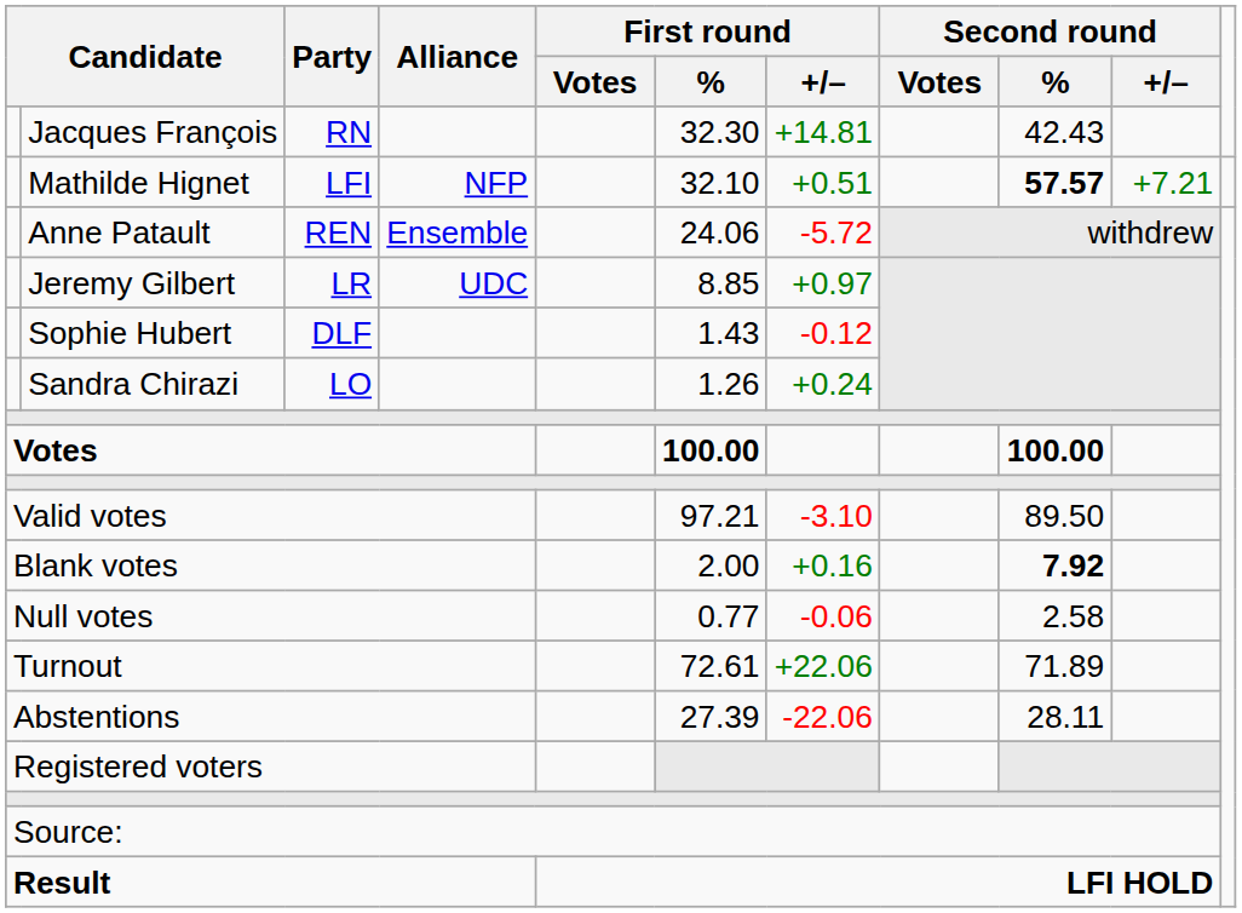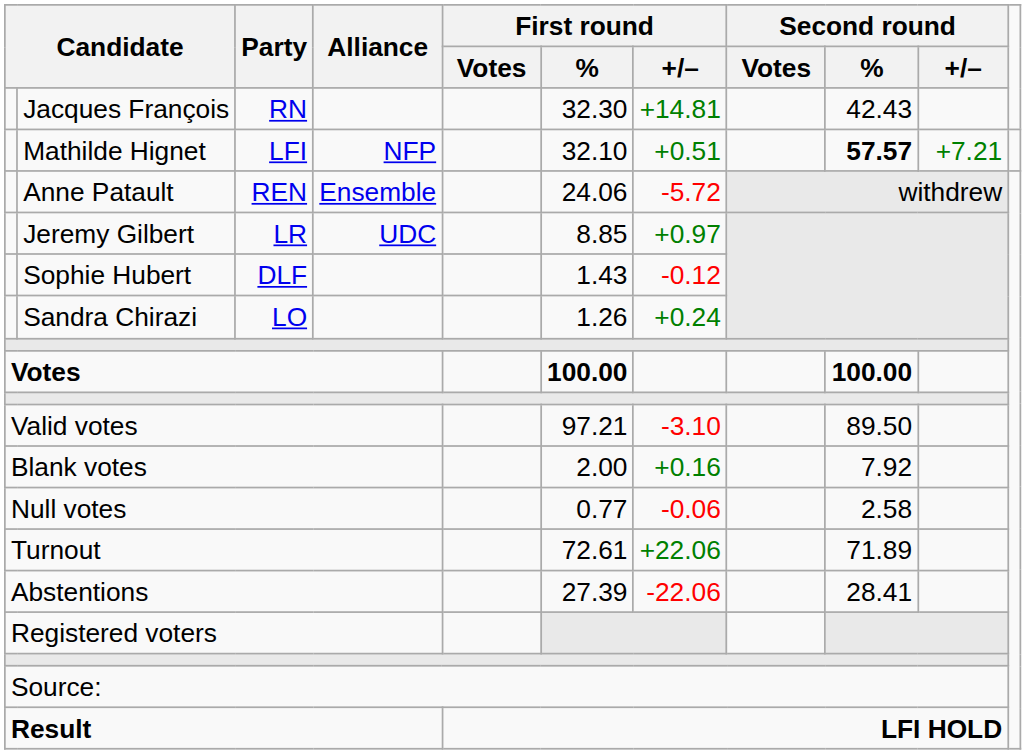 <table class="wikitable" style="text-align:right;font-size:95%;">
 <tr>
 <th rowspan="2" colspan="2">Candidate</th>
 <th colspan="1" rowspan="2">Party</th>
 <th colspan="1" rowspan="2">Alliance</th>
 <th colspan="3">First round</th>
 <th colspan="3">Second round</th>
 </tr>
 <tr>
 <th style="width:50px;">Votes</th>
 <th style="width:45px;">%</th>
 <th style="width:45px;">+/–</th>
 <th style="width:50px;">Votes</th>
 <th style="width:45px;">%</th>
 <th style="width:45px;">+/–</th>
 </tr>
 <tr>
 <td style="color:inherit;background:"></td>
 <td style="text-align:left;">Jacques François</td>
 <td><a href='#'>RN</a></td>
 <td></td>
 <td></td>
 <td>32.30</td>
 <td style="color:green;">+14.81</td>
 <td></td>
 <td>42.43</td>
 <td style="color:grey;"></td>
 </tr>
 <tr>
 <td style="color:inherit;background:"></td>
 <td style="text-align:left;">Mathilde Hignet</td>
 <td><a href='#'>LFI</a></td>
 <td><a href='#'>NFP</a></td>
 <td></td>
 <td>32.10</td>
 <td style="color:green;">+0.51</td>
 <td><strong></strong></td>
 <td><strong>57.57</strong></td>
 <td style="color:green;">+7.21</td>
 <td style="color:grey;"></td>
 </tr>
 <tr>
 <td style="color:inherit;background:"></td>
 <td style="text-align:left;">Anne Patault</td>
 <td><a href='#'>REN</a></td>
 <td><a href='#'>Ensemble</a></td>
 <td></td>
 <td>24.06</td>
 <td style="color:red;">-5.72</td>
 <td colspan="3" style="background:#E9E9E9;">withdrew</td>
 </tr>
 <tr>
 <td style="color:inherit;background:"></td>
 <td style="text-align:left;">Jeremy Gilbert</td>
 <td><a href='#'>LR</a></td>
 <td><a href='#'>UDC</a></td>
 <td></td>
 <td>8.85</td>
 <td style="color:green;">+0.97</td>
 <td colspan="3" rowspan="3" style="background:#E9E9E9;"></td>
 </tr>
 <tr>
 <td style="color:inherit;background:"></td>
 <td style="text-align:left;">Sophie Hubert</td>
 <td><a href='#'>DLF</a></td>
 <td></td>
 <td></td>
 <td>1.43</td>
 <td style="color:red;">-0.12</td>
 </tr>
 <tr>
 <td style="color:inherit;background:"></td>
 <td style="text-align:left;">Sandra Chirazi</td>
 <td><a href='#'>LO</a></td>
 <td></td>
 <td></td>
 <td>1.26</td>
 <td style="color:green;">+0.24</td>
 </tr>
 <tr>
 <td colspan="10" style="background:#E9E9E9;"></td>
 </tr>
 <tr style="font-weight:bold;">
 <td colspan="4" style="text-align:left;">Votes</td>
 <td></td>
 <td>100.00</td>
 <td></td>
 <td></td>
 <td>100.00</td>
 <td></td>
 </tr>
 <tr>
 <td colspan="10" style="background:#E9E9E9;"></td>
 </tr>
 <tr>
 <td colspan="4" style="text-align:left;">Valid votes</td>
 <td></td>
 <td>97.21</td>
 <td style="color:red;">-3.10</td>
 <td></td>
 <td>89.50</td>
 <td style="color:grey;"></td>
 </tr>
 <tr>
 <td colspan="4" style="text-align:left;">Blank votes</td>
 <td></td>
 <td>2.00</td>
 <td style="color:green;">+0.16</td>
 <td></td>
-<td><strong>7.92</strong></td>
+<td>7.92</td>
 <td style="color:grey;"></td>
 </tr>
 <tr>
 <td colspan="4" style="text-align:left;">Null votes</td>
 <td></td>
 <td>0.77</td>
 <td style="color:red;">-0.06</td>
 <td></td>
 <td>2.58</td>
 <td style="color:grey;"></td>
 </tr>
 <tr>
 <td colspan="4" style="text-align:left;">Turnout</td>
 <td></td>
 <td>72.61</td>
 <td style="color:green;">+22.06</td>
 <td></td>
 <td>71.89</td>
 <td style="color:grey;"></td>
 </tr>
 <tr>
 <td colspan="4" style="text-align:left;">Abstentions</td>
 <td></td>
 <td>27.39</td>
 <td style="color:red;">-22.06</td>
 <td></td>
-<td>28.11</td>
+<td>28.41</td>
 <td style="color:grey;"></td>
 </tr>
 <tr>
 <td colspan="4" style="text-align:left;">Registered voters</td>
 <td></td>
 <td colspan="2" style="background:#E9E9E9;"></td>
 <td></td>
 <td colspan="2" style="background:#E9E9E9;"></td>
 </tr>
 <tr>
 <td colspan="10" style="background:#E9E9E9;"></td>
 </tr>
 <tr>
 <td colspan="10" style="text-align:left;">Source: </td>
 </tr>
 <tr style="font-weight:bold">
 <td colspan="4" style="text-align:left;">Result</td>
 <td colspan="6" style="background-color:">LFI HOLD</td>
 </tr>
 </table>
